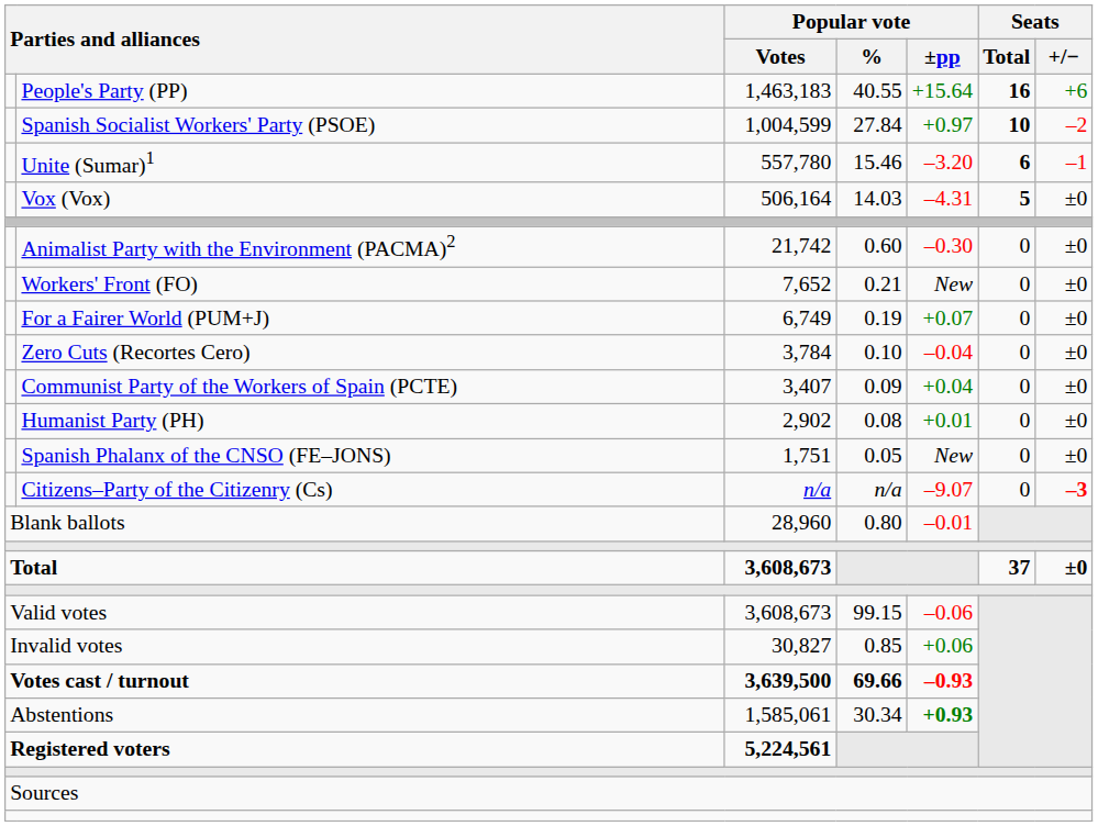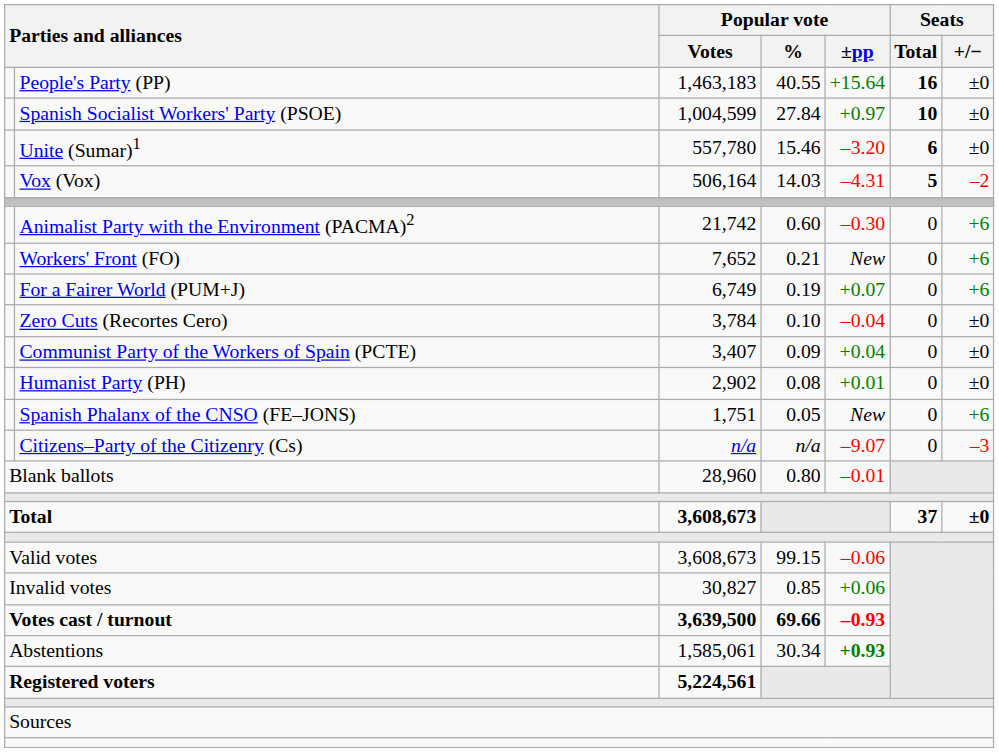 <table class="wikitable" style="text-align:right;">
 <tr>
 <th style="text-align:left;" rowspan="2" colspan="2" width="525">Parties and alliances</th>
 <th colspan="3">Popular vote</th>
 <th colspan="2">Seats</th>
 </tr>
 <tr>
 <th width="75">Votes</th>
 <th width="45">%</th>
 <th width="45">±<a href='#'>pp</a></th>
 <th width="35">Total</th>
 <th width="35">+/−</th>
 </tr>
 <tr>
 <td width="1" style="color:inherit;background:"></td>
 <td align="left"><a href='#'>People's Party</a> (PP)</td>
 <td>1,463,183</td>
 <td>40.55</td>
 <td style="color:green;">+15.64</td>
 <td><strong>16</strong></td>
-<td style="color:green;">+6</td>
+<td>±0</td>
 </tr>
 <tr>
 <td style="color:inherit;background:"></td>
 <td align="left"><a href='#'>Spanish Socialist Workers' Party</a> (PSOE)</td>
 <td>1,004,599</td>
 <td>27.84</td>
 <td style="color:green;">+0.97</td>
 <td><strong>10</strong></td>
-<td style="color:red;">–2</td>
+<td>±0</td>
 </tr>
 <tr>
 <td style="color:inherit;background:"></td>
 <td align="left"><a href='#'>Unite</a> (Sumar)<sup>1</sup></td>
 <td>557,780</td>
 <td>15.46</td>
 <td style="color:red;">–3.20</td>
 <td><strong>6</strong></td>
-<td style="color:red;">–1</td>
+<td>±0</td>
 </tr>
 <tr>
 <td style="color:inherit;background:"></td>
 <td align="left"><a href='#'>Vox</a> (Vox)</td>
 <td>506,164</td>
 <td>14.03</td>
 <td style="color:red;">–4.31</td>
 <td><strong>5</strong></td>
-<td>±0</td>
+<td style="color:red;">–2</td>
 </tr>
 <tr>
 <td colspan="7" bgcolor="#C0C0C0"></td>
 </tr>
 <tr>
 <td style="color:inherit;background:"></td>
 <td align="left"><a href='#'>Animalist Party with the Environment</a> (PACMA)<sup>2</sup></td>
 <td>21,742</td>
 <td>0.60</td>
 <td style="color:red;">–0.30</td>
 <td>0</td>
-<td>±0</td>
+<td style="color:green;">+6</td>
 </tr>
 <tr>
 <td style="color:inherit;background:"></td>
 <td align="left"><a href='#'>Workers' Front</a> (FO)</td>
 <td>7,652</td>
 <td>0.21</td>
 <td><em>New</em></td>
 <td>0</td>
-<td>±0</td>
+<td style="color:green;">+6</td>
 </tr>
 <tr>
 <td style="color:inherit;background:"></td>
 <td align="left"><a href='#'>For a Fairer World</a> (PUM+J)</td>
 <td>6,749</td>
 <td>0.19</td>
 <td style="color:green;">+0.07</td>
 <td>0</td>
-<td>±0</td>
+<td style="color:green;">+6</td>
 </tr>
 <tr>
 <td style="color:inherit;background:"></td>
 <td align="left"><a href='#'>Zero Cuts</a> (Recortes Cero)</td>
 <td>3,784</td>
 <td>0.10</td>
 <td style="color:red;">–0.04</td>
 <td>0</td>
 <td>±0</td>
 </tr>
 <tr>
 <td style="color:inherit;background:"></td>
 <td align="left"><a href='#'>Communist Party of the Workers of Spain</a> (PCTE)</td>
 <td>3,407</td>
 <td>0.09</td>
 <td style="color:green;">+0.04</td>
 <td>0</td>
 <td>±0</td>
 </tr>
 <tr>
 <td style="color:inherit;background:"></td>
 <td align="left"><a href='#'>Humanist Party</a> (PH)</td>
 <td>2,902</td>
 <td>0.08</td>
 <td style="color:green;">+0.01</td>
 <td>0</td>
 <td>±0</td>
 </tr>
 <tr>
 <td style="color:inherit;background:"></td>
 <td align="left"><a href='#'>Spanish Phalanx of the CNSO</a> (FE–JONS)</td>
 <td>1,751</td>
 <td>0.05</td>
 <td><em>New</em></td>
 <td>0</td>
-<td>±0</td>
+<td style="color:green;">+6</td>
 </tr>
 <tr>
 <td style="color:inherit;background:"></td>
 <td align="left"><a href='#'>Citizens–Party of the Citizenry</a> (Cs)</td>
 <td><em><a href='#'>n/a</a></em></td>
 <td><em>n/a</em></td>
 <td style="color:red;">–9.07</td>
 <td>0</td>
-<td style="color:red;"><strong>–3</strong></td>
+<td style="color:red;">–3</td>
 </tr>
 <tr>
 <td align="left" colspan="2">Blank ballots</td>
 <td>28,960</td>
 <td>0.80</td>
 <td style="color:red;">–0.01</td>
 <td bgcolor="#E9E9E9" colspan="2"></td>
 </tr>
 <tr>
 <td colspan="7" bgcolor="#E9E9E9"></td>
 </tr>
 <tr style="font-weight:bold;">
 <td align="left" colspan="2">Total</td>
 <td>3,608,673</td>
 <td bgcolor="#E9E9E9" colspan="2"></td>
 <td>37</td>
 <td>±0</td>
 </tr>
 <tr>
 <td colspan="7" bgcolor="#E9E9E9"></td>
 </tr>
 <tr>
 <td align="left" colspan="2">Valid votes</td>
 <td>3,608,673</td>
 <td>99.15</td>
 <td style="color:red;">–0.06</td>
 <td bgcolor="#E9E9E9" colspan="2" rowspan="5"></td>
 </tr>
 <tr>
 <td align="left" colspan="2">Invalid votes</td>
 <td>30,827</td>
 <td>0.85</td>
 <td style="color:green;">+0.06</td>
 </tr>
 <tr style="font-weight:bold;">
 <td align="left" colspan="2">Votes cast / turnout</td>
 <td>3,639,500</td>
 <td>69.66</td>
 <td style="color:red;">–0.93</td>
 </tr>
 <tr>
 <td align="left" colspan="2">Abstentions</td>
 <td>1,585,061</td>
 <td>30.34</td>
 <td style="color:green;"><strong>+0.93</strong></td>
 </tr>
 <tr style="font-weight:bold;">
 <td align="left" colspan="2">Registered voters</td>
 <td>5,224,561</td>
 <td bgcolor="#E9E9E9" colspan="2"></td>
 </tr>
 <tr>
 <td colspan="7" bgcolor="#E9E9E9"></td>
 </tr>
 <tr>
 <td align="left" colspan="7">Sources</td>
 </tr>
 <tr>
 <td colspan="7" style="text-align:left; max-width:790px;"></td>
 </tr>
 </table>
